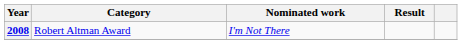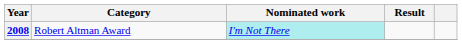 <table class="wikitable sortable">
 <tr>
 <th style="width:6%;" scope="col">Year</th>
 <th style="width:43%;" scope="col">Category</th>
 <th style="width:35%;" scope="col">Nominated work</th>
 <th style="width:11%;" scope="col">Result</th>
 <th style="width:5%;" scope="col" class="unsortable"></th>
 </tr>
 <tr>
 <th scope="row" style="text-align:center;"><a href='#'>2008</a></th>
 <td><a href='#'>Robert Altman Award</a></td>
-<td><em><a href='#'>I'm Not There</a></em></td>
+<td style="background: paleturquoise;"><em><a href='#'>I'm Not There</a></em></td>
 <td></td>
 <td style="text-align:center;"></td>
 </tr>
 <tr>
 </tr>
 </table>
